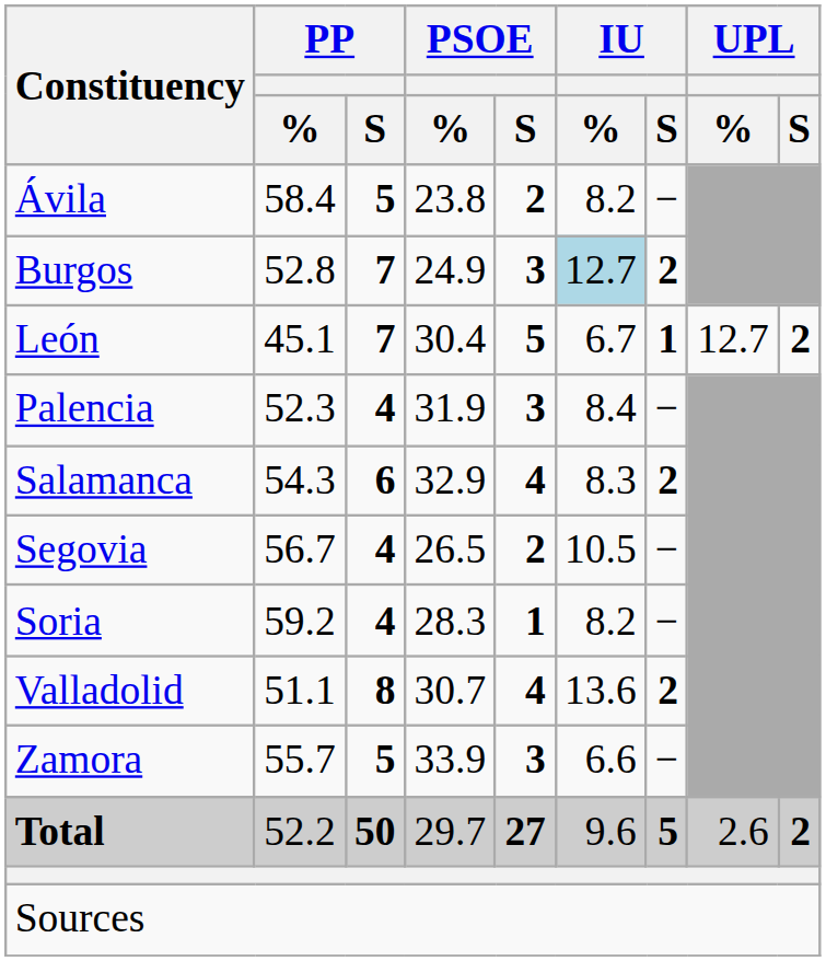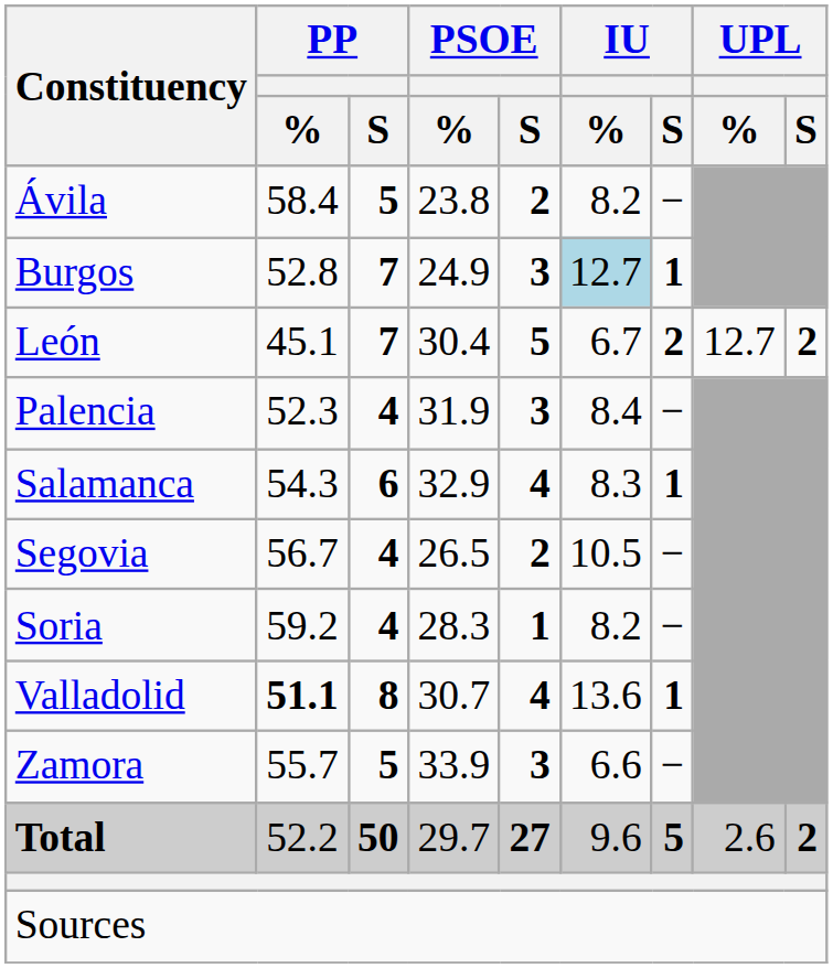 <table class="wikitable sortable" style="text-align:right; line-height:20px;">
 <tr>
 <th rowspan="3">Constituency</th>
 <th colspan="2" width="30px" class="unsortable"><a href='#'>PP</a></th>
 <th colspan="2" width="30px" class="unsortable"><a href='#'>PSOE</a></th>
 <th colspan="2" width="30px" class="unsortable"><a href='#'>IU</a></th>
 <th colspan="2" width="30px" class="unsortable"><a href='#'>UPL</a></th>
 </tr>
 <tr>
 <th colspan="2" style="background:"></th>
 <th colspan="2" style="background:"></th>
 <th colspan="2" style="background:"></th>
 <th colspan="2" style="background:"></th>
 </tr>
 <tr>
 <th data-sort-type="number">%</th>
 <th data-sort-type="number">S</th>
 <th data-sort-type="number">%</th>
 <th data-sort-type="number">S</th>
 <th data-sort-type="number">%</th>
 <th data-sort-type="number">S</th>
 <th data-sort-type="number">%</th>
 <th data-sort-type="number">S</th>
 </tr>
 <tr>
 <td align="left"><a href='#'>Ávila</a></td>
 <td style="background:">58.4</td>
 <td><strong>5</strong></td>
 <td>23.8</td>
 <td><strong>2</strong></td>
 <td>8.2</td>
 <td>−</td>
 <td colspan="2" rowspan="2" bgcolor="#AAAAAA"></td>
 </tr>
 <tr>
 <td align="left"><a href='#'>Burgos</a></td>
 <td style="background:">52.8</td>
 <td><strong>7</strong></td>
 <td>24.9</td>
 <td><strong>3</strong></td>
 <td style="background: lightblue;">12.7</td>
-<td><strong>2</strong></td>
+<td><strong>1</strong></td>
 </tr>
 <tr>
 <td align="left"><a href='#'>León</a></td>
 <td style="background:">45.1</td>
 <td><strong>7</strong></td>
 <td>30.4</td>
 <td><strong>5</strong></td>
 <td>6.7</td>
-<td><strong>1</strong></td>
+<td><strong>2</strong></td>
 <td>12.7</td>
 <td><strong>2</strong></td>
 </tr>
 <tr>
 <td align="left"><a href='#'>Palencia</a></td>
 <td style="background:">52.3</td>
 <td><strong>4</strong></td>
 <td>31.9</td>
 <td><strong>3</strong></td>
 <td>8.4</td>
 <td>−</td>
 <td colspan="2" rowspan="6" bgcolor="#AAAAAA"></td>
 </tr>
 <tr>
 <td align="left"><a href='#'>Salamanca</a></td>
 <td style="background:">54.3</td>
 <td><strong>6</strong></td>
 <td>32.9</td>
 <td><strong>4</strong></td>
 <td>8.3</td>
-<td><strong>2</strong></td>
+<td><strong>1</strong></td>
 </tr>
 <tr>
 <td align="left"><a href='#'>Segovia</a></td>
 <td style="background:">56.7</td>
 <td><strong>4</strong></td>
 <td>26.5</td>
 <td><strong>2</strong></td>
 <td>10.5</td>
 <td>−</td>
 </tr>
 <tr>
 <td align="left"><a href='#'>Soria</a></td>
 <td style="background:">59.2</td>
 <td><strong>4</strong></td>
 <td>28.3</td>
 <td><strong>1</strong></td>
 <td>8.2</td>
 <td>−</td>
 </tr>
 <tr>
 <td align="left"><a href='#'>Valladolid</a></td>
-<td style="background:">51.1</td>
+<td style="background:"><strong>51.1</strong></td>
 <td><strong>8</strong></td>
 <td>30.7</td>
 <td><strong>4</strong></td>
 <td>13.6</td>
-<td><strong>2</strong></td>
+<td><strong>1</strong></td>
 </tr>
 <tr>
 <td align="left"><a href='#'>Zamora</a></td>
 <td style="background:">55.7</td>
 <td><strong>5</strong></td>
 <td>33.9</td>
 <td><strong>3</strong></td>
 <td>6.6</td>
 <td>−</td>
 </tr>
 <tr style="background:#CDCDCD;">
 <td align="left"><strong>Total</strong></td>
 <td style="background:">52.2</td>
 <td><strong>50</strong></td>
 <td>29.7</td>
 <td><strong>27</strong></td>
 <td>9.6</td>
 <td><strong>5</strong></td>
 <td>2.6</td>
 <td><strong>2</strong></td>
 </tr>
 <tr>
 <th colspan="9"></th>
 </tr>
 <tr>
 <th style="text-align:left; font-weight:normal; background:#F9F9F9" colspan="9">Sources</th>
 </tr>
 </table>
